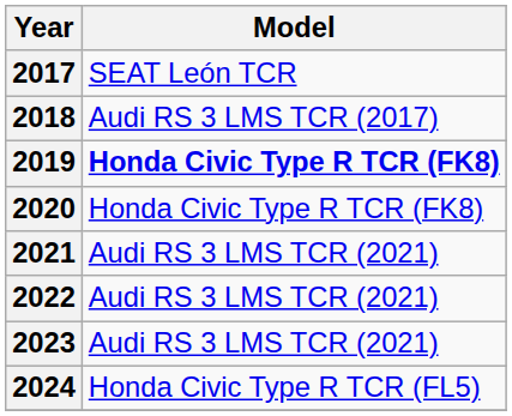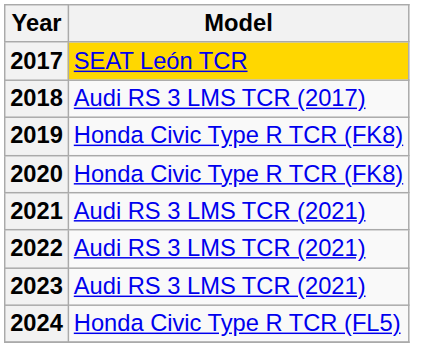 <table class="wikitable" style="font-size: 100%;">
 <tr>
 <th>Year</th>
 <th>Model</th>
 </tr>
 <tr>
 <th>2017</th>
-<td><a href='#'>SEAT León TCR</a></td>
+<td style="background: gold;"><a href='#'>SEAT León TCR</a></td>
 </tr>
 <tr>
 <th>2018</th>
 <td><a href='#'>Audi RS 3 LMS TCR (2017)</a></td>
 </tr>
 <tr>
 <th>2019</th>
-<td><strong><a href='#'>Honda Civic Type R TCR (FK8)</a></strong></td>
+<td><a href='#'>Honda Civic Type R TCR (FK8)</a></td>
 </tr>
 <tr>
 <th>2020</th>
 <td><a href='#'>Honda Civic Type R TCR (FK8)</a></td>
 </tr>
 <tr>
 <th>2021</th>
 <td><a href='#'>Audi RS 3 LMS TCR (2021)</a></td>
 </tr>
 <tr>
 <th>2022</th>
 <td><a href='#'>Audi RS 3 LMS TCR (2021)</a></td>
 </tr>
 <tr>
 <th>2023</th>
 <td><a href='#'>Audi RS 3 LMS TCR (2021)</a></td>
 </tr>
 <tr>
 <th>2024</th>
 <td><a href='#'>Honda Civic Type R TCR (FL5)</a></td>
 </tr>
 <tr>
 </tr>
 </table>
